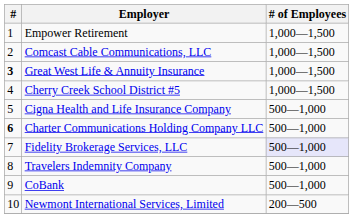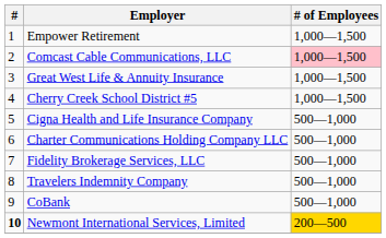 <table class="wikitable">
 <tr>
 <th>#</th>
 <th>Employer</th>
 <th># of Employees</th>
 </tr>
 <tr>
 <td>1</td>
 <td>Empower Retirement</td>
 <td>1,000—1,500</td>
 </tr>
 <tr>
 <td>2</td>
 <td><a href='#'>Comcast Cable Communications, LLC</a></td>
-<td>1,000—1,500</td>
+<td style="background: pink;">1,000—1,500</td>
 </tr>
 <tr>
-<td><strong>3</strong></td>
+<td>3</td>
 <td><a href='#'>Great West Life & Annuity Insurance</a></td>
 <td>1,000—1,500</td>
 </tr>
 <tr>
 <td>4</td>
 <td><a href='#'>Cherry Creek School District #5</a></td>
 <td>1,000—1,500</td>
 </tr>
 <tr>
 <td>5</td>
 <td><a href='#'>Cigna Health and Life Insurance Company</a></td>
 <td>500—1,000</td>
 </tr>
 <tr>
-<td><strong>6</strong></td>
+<td>6</td>
 <td><a href='#'>Charter Communications Holding Company LLC</a></td>
 <td>500—1,000</td>
 </tr>
 <tr>
 <td>7</td>
 <td><a href='#'>Fidelity Brokerage Services, LLC</a></td>
-<td style="background: lavender;">500—1,000</td>
+<td>500—1,000</td>
 </tr>
 <tr>
 <td>8</td>
 <td><a href='#'>Travelers Indemnity Company</a></td>
 <td>500—1,000</td>
 </tr>
 <tr>
 <td>9</td>
 <td><a href='#'>CoBank</a></td>
 <td>500—1,000</td>
 </tr>
 <tr>
-<td>10</td>
+<td><strong>10</strong></td>
 <td><a href='#'>Newmont International Services, Limited</a></td>
-<td>200—500</td>
+<td style="background: gold;">200—500</td>
 </tr>
 <tr>
 </tr>
 </table>
